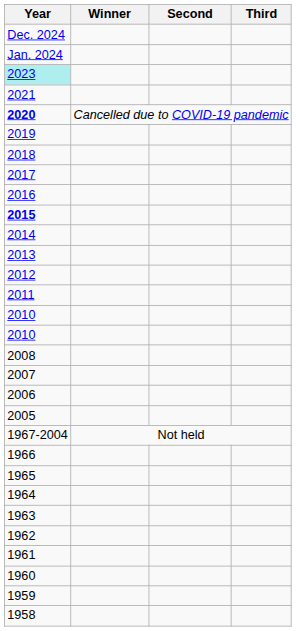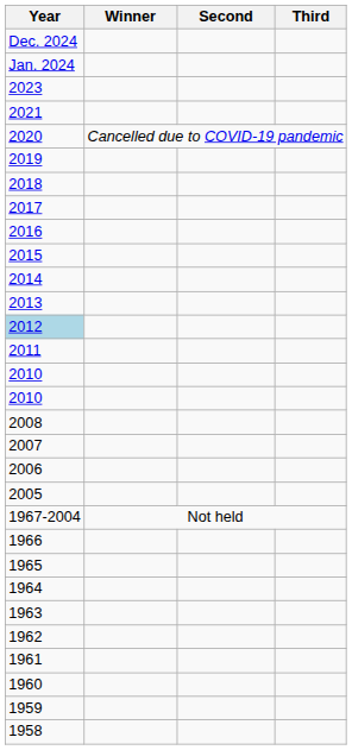 <table class="wikitable">
 <tr>
 <th>Year</th>
 <th>Winner</th>
 <th>Second</th>
 <th>Third</th>
 </tr>
 <tr>
 <td><a href='#'>Dec. 2024</a></td>
 <td></td>
 <td></td>
 <td></td>
 </tr>
 <tr>
 <td><a href='#'>Jan. 2024</a></td>
 <td></td>
 <td></td>
 <td></td>
 </tr>
 <tr>
-<td style="background: paleturquoise;"><a href='#'>2023</a></td>
+<td><a href='#'>2023</a></td>
 <td></td>
 <td></td>
 <td></td>
 </tr>
 <tr>
 <td><a href='#'>2021</a></td>
 <td></td>
 <td></td>
 <td></td>
 </tr>
 <tr>
-<td><strong><a href='#'>2020</a></strong></td>
+<td><a href='#'>2020</a></td>
 <td colspan=3 align=center><em>Cancelled due to <a href='#'>COVID-19 pandemic</a></em></td>
 </tr>
 <tr>
 <td><a href='#'>2019</a></td>
 <td></td>
 <td></td>
 <td></td>
 </tr>
 <tr>
 <td><a href='#'>2018</a></td>
 <td></td>
 <td></td>
 <td></td>
 </tr>
 <tr>
 <td><a href='#'>2017</a></td>
 <td></td>
 <td></td>
 <td></td>
 </tr>
 <tr>
 <td><a href='#'>2016</a></td>
 <td></td>
 <td></td>
 <td></td>
 </tr>
 <tr>
-<td><strong><a href='#'>2015</a></strong></td>
+<td><a href='#'>2015</a></td>
 <td></td>
 <td></td>
 <td></td>
 </tr>
 <tr>
 <td><a href='#'>2014</a></td>
 <td></td>
 <td></td>
 <td></td>
 </tr>
 <tr>
 <td><a href='#'>2013</a></td>
 <td></td>
 <td></td>
 <td></td>
 </tr>
 <tr>
-<td><a href='#'>2012</a></td>
+<td style="background: lightblue;"><a href='#'>2012</a></td>
 <td></td>
 <td></td>
 <td></td>
 </tr>
 <tr>
 <td><a href='#'>2011</a></td>
 <td></td>
 <td></td>
 <td></td>
 </tr>
 <tr>
 <td><a href='#'>2010</a></td>
 <td></td>
 <td></td>
 <td></td>
 </tr>
 <tr>
 <td><a href='#'>2010</a></td>
 <td></td>
 <td></td>
 <td></td>
 </tr>
 <tr>
 <td>2008</td>
 <td></td>
 <td></td>
 <td></td>
 </tr>
 <tr>
 <td>2007</td>
 <td></td>
 <td></td>
 <td></td>
 </tr>
 <tr>
 <td>2006</td>
 <td></td>
 <td></td>
 <td></td>
 </tr>
 <tr>
 <td>2005</td>
 <td></td>
 <td></td>
 <td></td>
 </tr>
 <tr>
 <td>1967-2004</td>
 <td colspan="3" style="text-align: center;">Not held</td>
 </tr>
 <tr>
 <td>1966</td>
 <td></td>
 <td></td>
 <td></td>
 </tr>
 <tr>
 <td>1965</td>
 <td></td>
 <td></td>
 <td></td>
 </tr>
 <tr>
 <td>1964</td>
 <td></td>
 <td></td>
 <td></td>
 </tr>
 <tr>
 <td>1963</td>
 <td></td>
 <td></td>
 <td></td>
 </tr>
 <tr>
 <td>1962</td>
 <td></td>
 <td></td>
 <td></td>
 </tr>
 <tr>
 <td>1961</td>
 <td></td>
 <td></td>
 <td></td>
 </tr>
 <tr>
 <td>1960</td>
 <td></td>
 <td></td>
 <td></td>
 </tr>
 <tr>
 <td>1959</td>
 <td></td>
 <td></td>
 <td></td>
 </tr>
 <tr>
 <td>1958</td>
 <td></td>
 <td></td>
 <td></td>
 </tr>
 </table>
